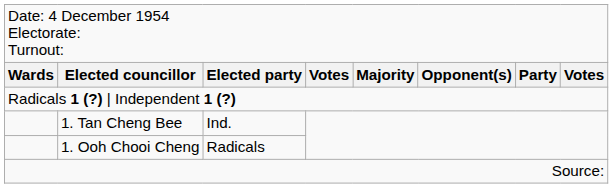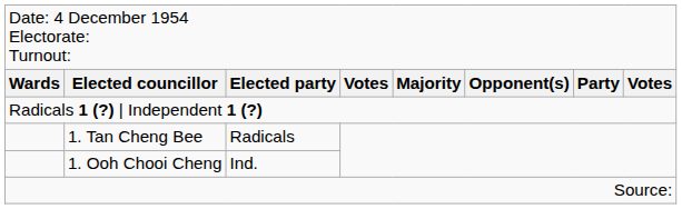 <table class=wikitable>
 <tr>
 <td colspan=8>Date: 4 December 1954<br>Electorate: <br>Turnout:</td>
 </tr>
 <tr>
 <th>Wards</th>
 <th>Elected councillor</th>
 <th>Elected party</th>
 <th>Votes</th>
 <th>Majority</th>
 <th>Opponent(s)</th>
 <th>Party</th>
 <th>Votes</th>
 </tr>
 <tr>
 <td colspan=8>Radicals <strong>1 (?)</strong> | Independent <strong>1 (?)</strong> </td>
 </tr>
 <tr>
 <td></td>
 <td>1. Tan Cheng Bee</td>
-<td>Ind.</td>
+<td>Radicals</td>
 </tr>
 <tr>
 <td></td>
 <td>1. Ooh Chooi Cheng</td>
-<td>Radicals</td>
+<td>Ind.</td>
 </tr>
 <tr>
 <td colspan=8 align=right>Source: </td>
 </tr>
 </table>
